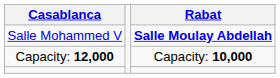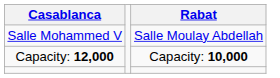 <table class="wikitable" style="text-align:center">
 <tr>
 <th><a href='#'>Casablanca</a></th>
 <td rowspan="4"></td>
 <th><a href='#'>Rabat</a></th>
 </tr>
 <tr>
 <td><a href='#'>Salle Mohammed V</a></td>
-<td><strong><a href='#'>Salle Moulay Abdellah</a></strong></td>
+<td><a href='#'>Salle Moulay Abdellah</a></td>
 </tr>
 <tr>
 <td>Capacity: <strong>12,000</strong></td>
 <td>Capacity: <strong>10,000</strong></td>
 </tr>
 <tr>
 <td></td>
 <td></td>
 </tr>
 </table>
